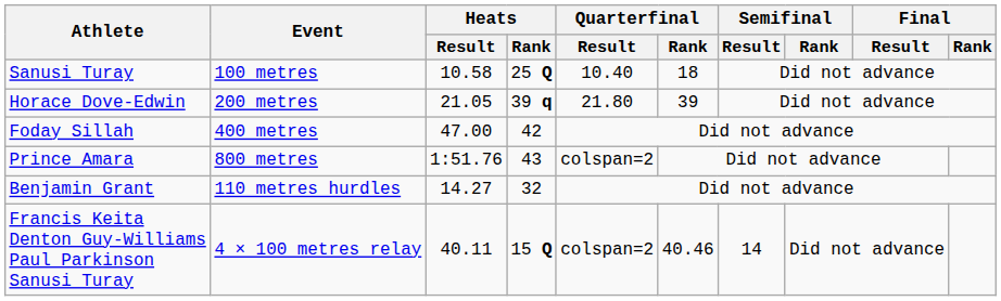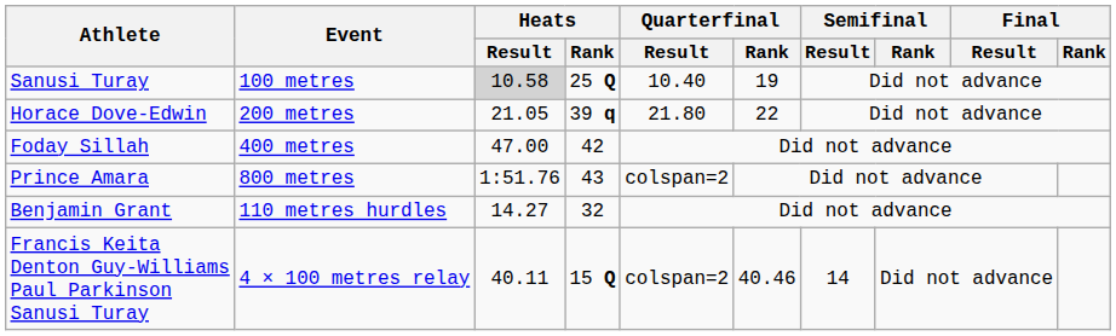 <table class="wikitable" style="font-size:90%">
 <tr>
 <th rowspan="2">Athlete</th>
 <th rowspan="2">Event</th>
 <th colspan="2">Heats</th>
 <th colspan="2">Quarterfinal</th>
 <th colspan="2">Semifinal</th>
 <th colspan="2">Final</th>
 </tr>
 <tr style="font-size:95%">
 <th>Result</th>
 <th>Rank</th>
 <th>Result</th>
 <th>Rank</th>
 <th>Result</th>
 <th>Rank</th>
 <th>Result</th>
 <th>Rank</th>
 </tr>
 <tr align=center>
 <td align=left><a href='#'>Sanusi Turay</a></td>
 <td align=left><a href='#'>100 metres</a></td>
-<td>10.58</td>
+<td style="background: lightgrey;">10.58</td>
 <td>25 <strong>Q</strong></td>
 <td>10.40</td>
-<td>18</td>
+<td>19</td>
 <td colspan=4>Did not advance</td>
 </tr>
 <tr align=center>
 <td align=left><a href='#'>Horace Dove-Edwin</a></td>
 <td align=left><a href='#'>200 metres</a></td>
 <td>21.05</td>
 <td>39 <strong>q</strong></td>
 <td>21.80</td>
-<td>39</td>
+<td>22</td>
 <td colspan=4>Did not advance</td>
 </tr>
 <tr align=center>
 <td align=left><a href='#'>Foday Sillah</a></td>
 <td align=left><a href='#'>400 metres</a></td>
 <td>47.00</td>
 <td>42</td>
 <td colspan=6>Did not advance</td>
 </tr>
 <tr align=center>
 <td align=left><a href='#'>Prince Amara</a></td>
 <td align=left><a href='#'>800 metres</a></td>
 <td>1:51.76</td>
 <td>43</td>
 <td>colspan=2</td>
 <td colspan=4>Did not advance</td>
 </tr>
 <tr align=center>
 <td align=left><a href='#'>Benjamin Grant</a></td>
 <td align=left><a href='#'>110 metres hurdles</a></td>
 <td>14.27</td>
 <td>32</td>
 <td colspan=6>Did not advance</td>
 </tr>
 <tr align=center>
 <td align=left><a href='#'>Francis Keita</a><br><a href='#'>Denton Guy-Williams</a><br><a href='#'>Paul Parkinson</a><br><a href='#'>Sanusi Turay</a></td>
 <td align=left><a href='#'>4 × 100 metres relay</a></td>
 <td>40.11</td>
 <td>15 <strong>Q</strong></td>
 <td>colspan=2</td>
 <td>40.46</td>
 <td>14</td>
 <td colspan=2>Did not advance</td>
 </tr>
 </table>
